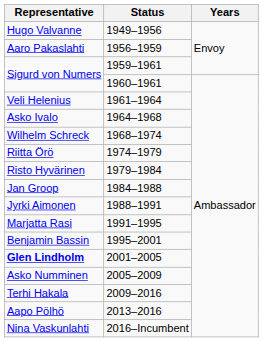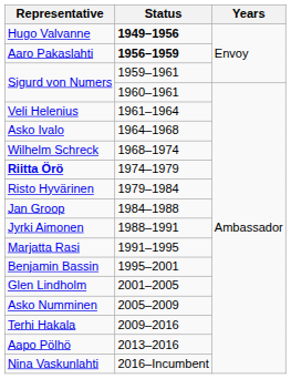 <table class="wikitable sortable">
 <tr>
 <th>Representative</th>
 <th>Status</th>
 <th>Years</th>
 </tr>
 <tr>
 <td><a href='#'>Hugo Valvanne</a></td>
-<td>1949–1956</td>
+<td><strong>1949–1956</strong></td>
 <td rowspan="3">Envoy</td>
 </tr>
 <tr>
 <td><a href='#'>Aaro Pakaslahti</a></td>
-<td>1956–1959</td>
+<td><strong>1956–1959</strong></td>
 </tr>
 <tr>
 <td rowspan="2"><a href='#'>Sigurd von Numers</a></td>
 <td>1959–1961</td>
 </tr>
 <tr>
 <td>1960–1961</td>
 <td rowspan="15">Ambassador</td>
 </tr>
 <tr>
 <td><a href='#'>Veli Helenius</a></td>
 <td>1961–1964</td>
 </tr>
 <tr>
 <td><a href='#'>Asko Ivalo</a></td>
 <td>1964–1968</td>
 </tr>
 <tr>
 <td><a href='#'>Wilhelm Schreck</a></td>
 <td>1968–1974</td>
 </tr>
 <tr>
-<td><a href='#'>Riitta Örö</a></td>
+<td><strong><a href='#'>Riitta Örö</a></strong></td>
 <td>1974–1979</td>
 </tr>
 <tr>
 <td><a href='#'>Risto Hyvärinen</a></td>
 <td>1979–1984</td>
 </tr>
 <tr>
 <td><a href='#'>Jan Groop</a></td>
 <td>1984–1988</td>
 </tr>
 <tr>
 <td><a href='#'>Jyrki Aimonen</a></td>
 <td>1988–1991</td>
 </tr>
 <tr>
 <td><a href='#'>Marjatta Rasi</a></td>
 <td>1991–1995</td>
 </tr>
 <tr>
 <td><a href='#'>Benjamin Bassin</a></td>
 <td>1995–2001</td>
 </tr>
 <tr>
-<td><strong><a href='#'>Glen Lindholm</a></strong></td>
+<td><a href='#'>Glen Lindholm</a></td>
 <td>2001–2005</td>
 </tr>
 <tr>
 <td><a href='#'>Asko Numminen</a></td>
 <td>2005–2009</td>
 </tr>
 <tr>
 <td><a href='#'>Terhi Hakala</a></td>
 <td>2009–2016</td>
 </tr>
 <tr>
 <td><a href='#'>Aapo Pölhö</a></td>
 <td>2013–2016</td>
 </tr>
 <tr>
 <td><a href='#'>Nina Vaskunlahti</a></td>
 <td>2016–Incumbent</td>
 </tr>
 </table>
